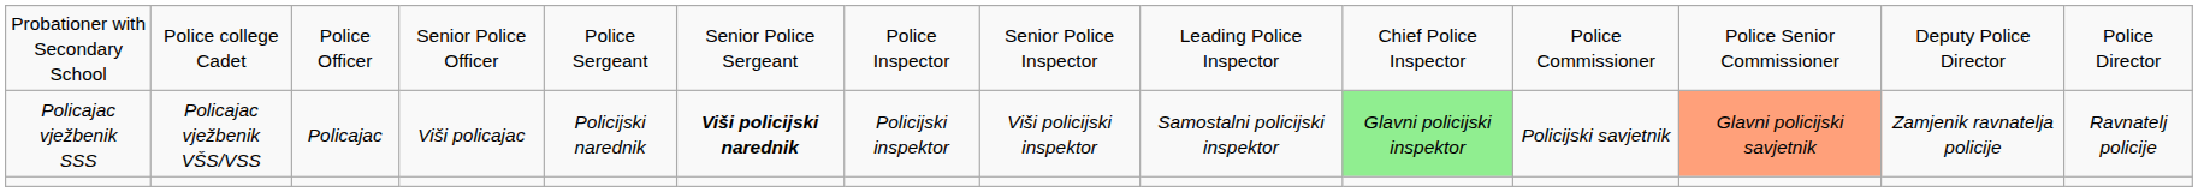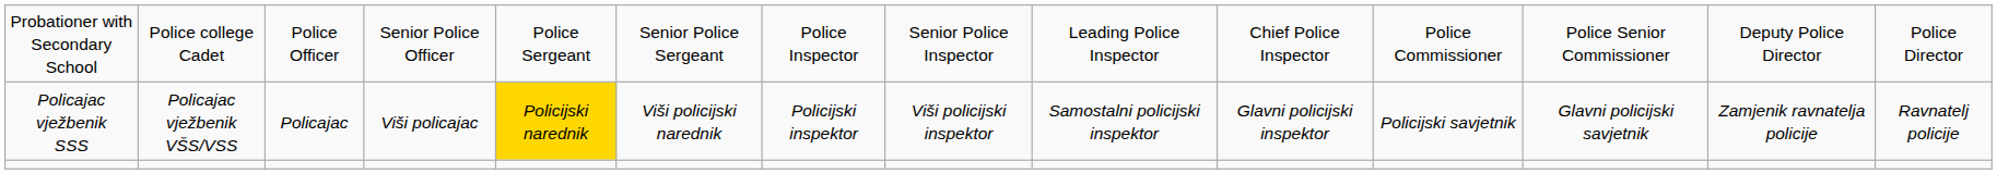 <table class="wikitable" style="text-align:center">
 <tr>
 <td><small>Probationer with<br>Secondary School</small></td>
 <td><small>Police college<br>Cadet</small></td>
 <td><small>Police Officer</small></td>
 <td><small>Senior Police Officer</small></td>
 <td><small>Police Sergeant</small></td>
 <td><small>Senior Police Sergeant</small></td>
 <td><small>Police Inspector </small></td>
 <td><small>Senior Police Inspector </small></td>
 <td><small>Leading Police Inspector</small></td>
 <td><small>Chief Police Inspector</small></td>
 <td><small>Police Commissioner</small></td>
 <td><small>Police Senior Commissioner</small></td>
 <td><small>Deputy Police Director</small></td>
 <td><small>Police Director</small></td>
 </tr>
 <tr>
 <td><small><em>Policajac vježbenik</em><br><em>SSS</em></small></td>
 <td><small><em>Policajac vježbenik</em><br> <em>VŠS/VSS</em></small></td>
 <td><small><em>Policajac</em></small></td>
 <td><small><em>Viši policajac</em></small></td>
-<td><small><em>Policijski narednik</em></small></td>
-<td><strong><small><em>Viši policijski narednik</em></small></strong></td>
+<td style="background: gold;"><small><em>Policijski narednik</em></small></td>
+<td><small><em>Viši policijski narednik</em></small></td>
 <td><small><em>Policijski inspektor</em></small></td>
 <td><small><em>Viši policijski inspektor</em></small></td>
 <td><small><em>Samostalni policijski inspektor</em></small></td>
-<td style="background: lightgreen;"><small><em>Glavni policijski inspektor</em></small></td>
+<td><small><em>Glavni policijski inspektor</em></small></td>
 <td><small><em>Policijski savjetnik</em></small></td>
-<td style="background: lightsalmon;"><small><em>Glavni policijski savjetnik</em></small></td>
+<td><small><em>Glavni policijski savjetnik</em></small></td>
 <td><small><em>Zamjenik ravnatelja policije</em></small></td>
 <td><small><em>Ravnatelj policije</em></small></td>
 </tr>
 <tr>
 <td></td>
 <td></td>
 <td></td>
 <td></td>
 <td></td>
 <td></td>
 <td></td>
 <td></td>
 <td></td>
 <td></td>
 <td></td>
 <td></td>
 <td></td>
 <td></td>
 </tr>
 </table>
